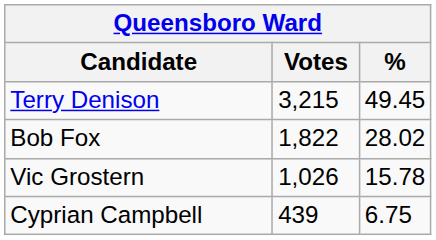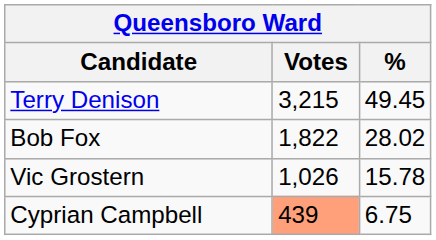 <table class="wikitable">
 <tr>
 <th colspan="3"><a href='#'>Queensboro Ward</a></th>
 </tr>
 <tr>
 <th style="width: 170px">Candidate</th>
 <th style="width: 50px">Votes</th>
 <th style="width: 40px">%</th>
 </tr>
 <tr>
 <td><a href='#'>Terry Denison</a></td>
 <td>3,215</td>
 <td>49.45</td>
 </tr>
 <tr>
 <td>Bob Fox</td>
 <td>1,822</td>
 <td>28.02</td>
 </tr>
 <tr>
 <td>Vic Grostern</td>
 <td>1,026</td>
 <td>15.78</td>
 </tr>
 <tr>
 <td>Cyprian Campbell</td>
-<td>439</td>
+<td style="background: lightsalmon;">439</td>
 <td>6.75</td>
 </tr>
 </table>
